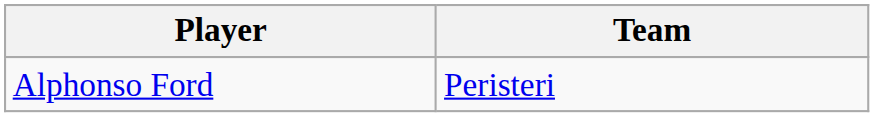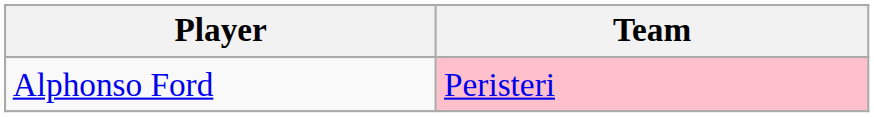 <table class="wikitable" style="text-align:left">
 <tr>
 <th style="width:200px;">Player</th>
 <th style="width:200px;">Team</th>
 </tr>
 <tr>
 <td> <a href='#'>Alphonso Ford</a></td>
-<td> <a href='#'>Peristeri</a></td>
+<td style="background: pink;"> <a href='#'>Peristeri</a></td>
 </tr>
 </table>
